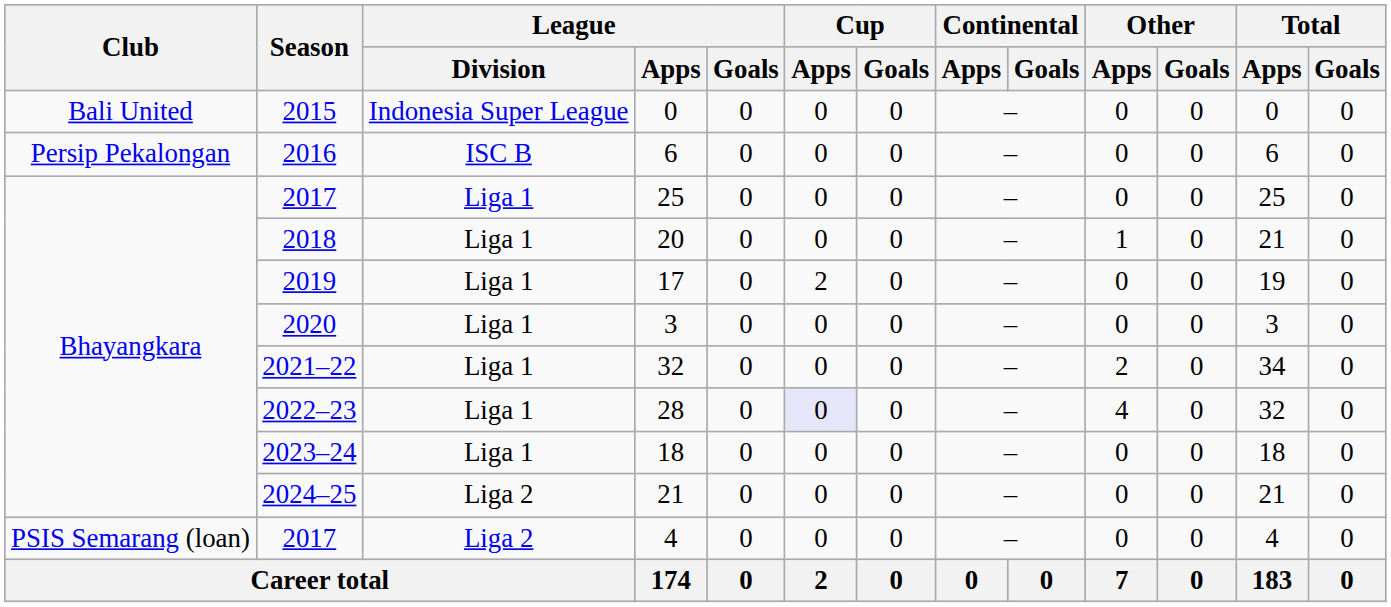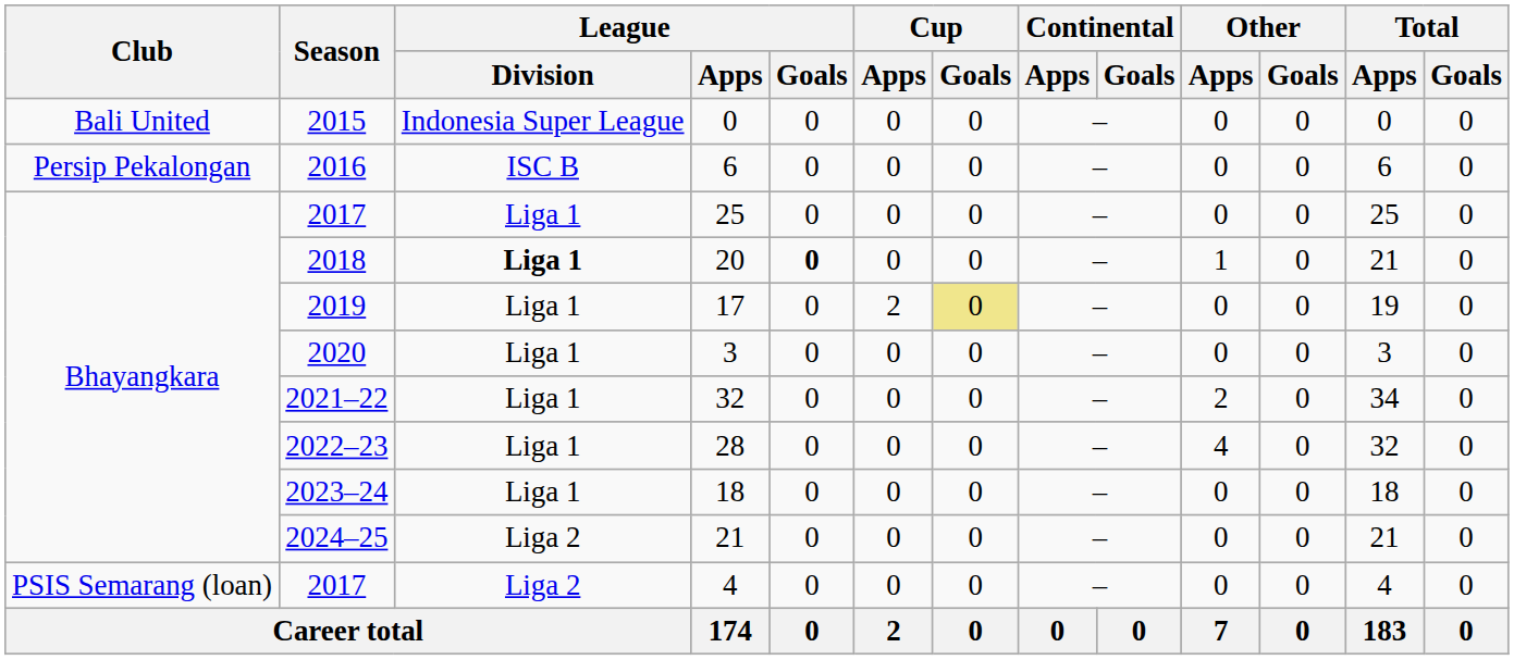 <table class="wikitable" style="text-align:center">
 <tr>
 <th rowspan="2">Club</th>
 <th rowspan="2">Season</th>
 <th colspan="3">League</th>
 <th colspan="2">Cup</th>
 <th colspan="2">Continental</th>
 <th colspan="2">Other</th>
 <th colspan="2">Total</th>
 </tr>
 <tr>
 <th>Division</th>
 <th>Apps</th>
 <th>Goals</th>
 <th>Apps</th>
 <th>Goals</th>
 <th>Apps</th>
 <th>Goals</th>
 <th>Apps</th>
 <th>Goals</th>
 <th>Apps</th>
 <th>Goals</th>
 </tr>
 <tr>
 <td rowspan="1" valign="center"><a href='#'>Bali United</a></td>
 <td><a href='#'>2015</a></td>
 <td><a href='#'>Indonesia Super League</a></td>
 <td>0</td>
 <td>0</td>
 <td>0</td>
 <td>0</td>
 <td colspan="2">–</td>
 <td>0</td>
 <td>0</td>
 <td>0</td>
 <td>0</td>
 </tr>
 <tr>
 <td rowspan="1" valign="center"><a href='#'>Persip Pekalongan</a></td>
 <td><a href='#'>2016</a></td>
 <td><a href='#'>ISC B</a></td>
 <td>6</td>
 <td>0</td>
 <td>0</td>
 <td>0</td>
 <td colspan="2">–</td>
 <td>0</td>
 <td>0</td>
 <td>6</td>
 <td>0</td>
 </tr>
 <tr>
 <td rowspan="8" valign="center"><a href='#'>Bhayangkara</a></td>
 <td><a href='#'>2017</a></td>
 <td rowspan="1" valign="center"><a href='#'>Liga 1</a></td>
 <td>25</td>
 <td>0</td>
 <td>0</td>
 <td>0</td>
 <td colspan="2">–</td>
 <td>0</td>
 <td>0</td>
 <td>25</td>
 <td>0</td>
 </tr>
 <tr>
 <td><a href='#'>2018</a></td>
-<td rowspan="1" valign="center">Liga 1</td>
+<td rowspan="1" valign="center"><strong>Liga 1</strong></td>
 <td>20</td>
-<td>0</td>
+<td><strong>0</strong></td>
 <td>0</td>
 <td>0</td>
 <td colspan="2">–</td>
 <td>1</td>
 <td>0</td>
 <td>21</td>
 <td>0</td>
 </tr>
 <tr>
 <td><a href='#'>2019</a></td>
 <td rowspan="1" valign="center">Liga 1</td>
 <td>17</td>
 <td>0</td>
 <td>2</td>
-<td>0</td>
+<td style="background: khaki;">0</td>
 <td colspan="2">–</td>
 <td>0</td>
 <td>0</td>
 <td>19</td>
 <td>0</td>
 </tr>
 <tr>
 <td><a href='#'>2020</a></td>
 <td rowspan="1" valign="center">Liga 1</td>
 <td>3</td>
 <td>0</td>
 <td>0</td>
 <td>0</td>
 <td colspan="2">–</td>
 <td>0</td>
 <td>0</td>
 <td>3</td>
 <td>0</td>
 </tr>
 <tr>
 <td><a href='#'>2021–22</a></td>
 <td rowspan="1" valign="center">Liga 1</td>
 <td>32</td>
 <td>0</td>
 <td>0</td>
 <td>0</td>
 <td colspan="2">–</td>
 <td>2</td>
 <td>0</td>
 <td>34</td>
 <td>0</td>
 </tr>
 <tr>
 <td><a href='#'>2022–23</a></td>
 <td rowspan="1" valign="center">Liga 1</td>
 <td>28</td>
 <td>0</td>
-<td style="background: lavender;">0</td>
+<td>0</td>
 <td>0</td>
 <td colspan=2>–</td>
 <td>4</td>
 <td>0</td>
 <td>32</td>
 <td>0</td>
 </tr>
 <tr>
 <td><a href='#'>2023–24</a></td>
 <td>Liga 1</td>
 <td>18</td>
 <td>0</td>
 <td>0</td>
 <td>0</td>
 <td colspan="2">–</td>
 <td>0</td>
 <td>0</td>
 <td>18</td>
 <td>0</td>
 </tr>
 <tr>
 <td><a href='#'>2024–25</a></td>
 <td>Liga 2</td>
 <td>21</td>
 <td>0</td>
 <td>0</td>
 <td>0</td>
 <td colspan="2">–</td>
 <td>0</td>
 <td>0</td>
 <td>21</td>
 <td>0</td>
 </tr>
 <tr>
 <td><a href='#'>PSIS Semarang</a> (loan)</td>
 <td><a href='#'>2017</a></td>
 <td rowspan="1" valign="center"><a href='#'>Liga 2</a></td>
 <td>4</td>
 <td>0</td>
 <td>0</td>
 <td>0</td>
 <td colspan="2">–</td>
 <td>0</td>
 <td>0</td>
 <td>4</td>
 <td>0</td>
 </tr>
 <tr>
 <th colspan="3">Career total</th>
 <th>174</th>
 <th>0</th>
 <th>2</th>
 <th>0</th>
 <th>0</th>
 <th>0</th>
 <th>7</th>
 <th>0</th>
 <th>183</th>
 <th>0</th>
 </tr>
 </table>
